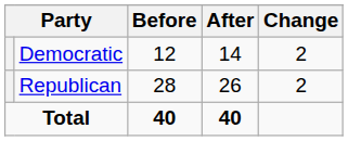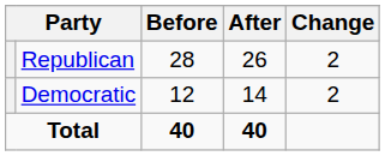 <table class="wikitable" style="text-align:center;">
 <tr>
 </tr>
 <tr>
 <th colspan=2>Party</th>
 <th>Before</th>
 <th>After</th>
 <th>Change</th>
 </tr>
 <tr>
 <th style="background-color:"></th>
-<td style="text-align:left;"><a href='#'>Democratic</a></td>
-<td>12</td>
-<td>14</td>
+<td style="text-align:left;"><a href='#'>Republican</a></td>
+<td>28</td>
+<td>26</td>
 <td> 2</td>
 </tr>
 <tr>
 <th style="background-color:"></th>
-<td style="text-align:left;"><a href='#'>Republican</a></td>
-<td>28</td>
-<td>26</td>
+<td style="text-align:left;"><a href='#'>Democratic</a></td>
+<td>12</td>
+<td>14</td>
 <td> 2</td>
 </tr>
 <tr>
 <td colspan=2><strong>Total</strong></td>
 <td><strong>40</strong></td>
 <td><strong>40</strong></td>
 <td></td>
 </tr>
 </table>
